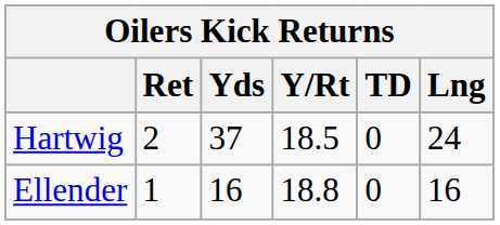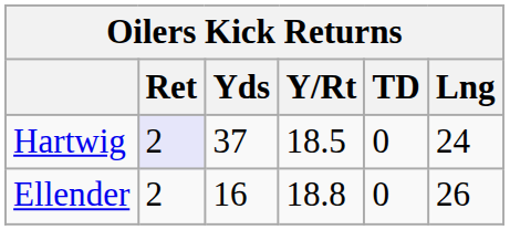 <table class="wikitable">
 <tr>
 <th colspan="6">Oilers Kick Returns</th>
 </tr>
 <tr>
 <th></th>
 <th>Ret</th>
 <th>Yds</th>
 <th>Y/Rt</th>
 <th>TD</th>
 <th>Lng</th>
 </tr>
 <tr>
 <td><a href='#'>Hartwig</a></td>
-<td>2</td>
+<td style="background: lavender;">2</td>
 <td>37</td>
 <td>18.5</td>
 <td>0</td>
 <td>24</td>
 </tr>
 <tr>
 <td><a href='#'>Ellender</a></td>
-<td>1</td>
+<td>2</td>
 <td>16</td>
 <td>18.8</td>
 <td>0</td>
-<td>16</td>
+<td>26</td>
 </tr>
 </table>
